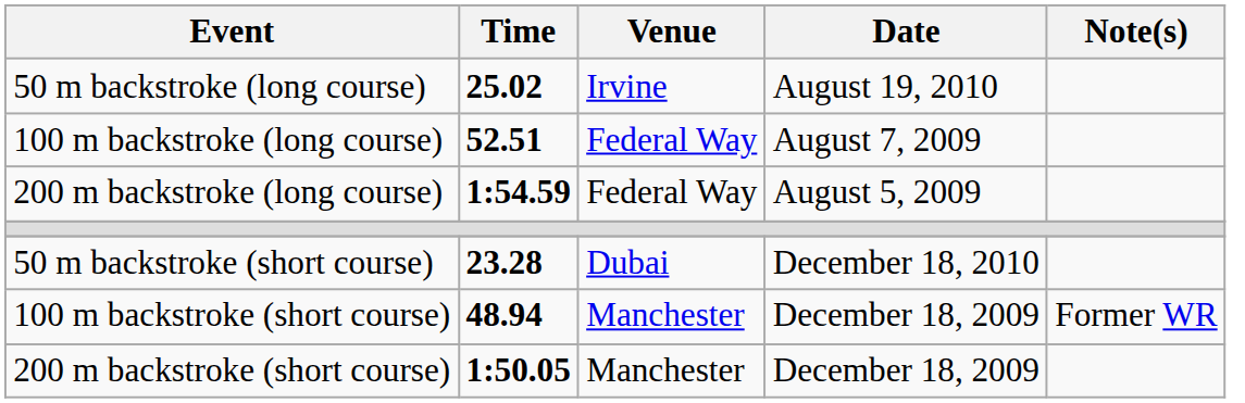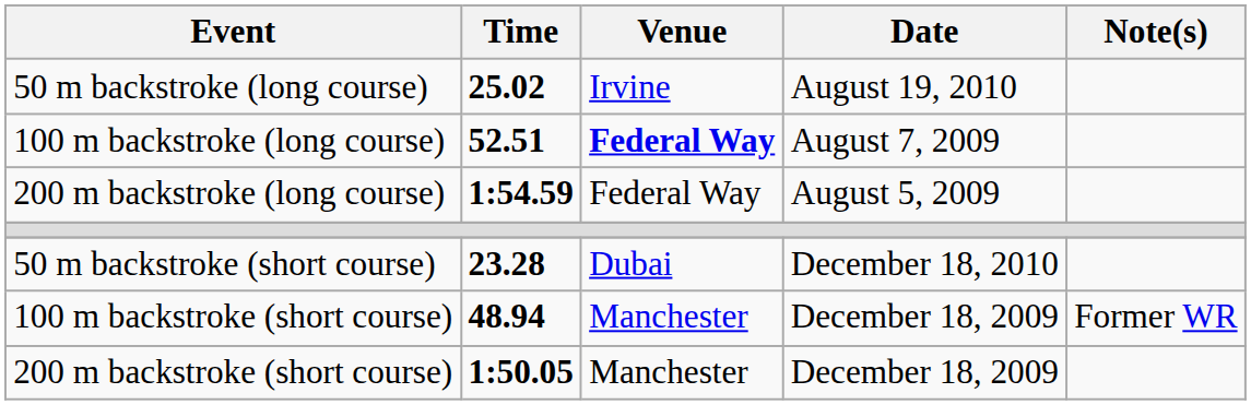 <table class="wikitable">
 <tr>
 <th>Event</th>
 <th>Time</th>
 <th>Venue</th>
 <th>Date</th>
 <th>Note(s)</th>
 </tr>
 <tr>
 <td>50 m backstroke (long course)</td>
 <td><strong>25.02</strong></td>
 <td><a href='#'>Irvine</a></td>
 <td>August 19, 2010</td>
 <td></td>
 </tr>
 <tr>
 <td>100 m backstroke (long course)</td>
 <td><strong>52.51</strong></td>
-<td><a href='#'>Federal Way</a></td>
+<td><strong><a href='#'>Federal Way</a></strong></td>
 <td>August 7, 2009</td>
 <td></td>
 </tr>
 <tr>
 <td>200 m backstroke (long course)</td>
 <td><strong>1:54.59</strong></td>
 <td>Federal Way</td>
 <td>August 5, 2009</td>
 <td></td>
 </tr>
 <tr>
 </tr>
 <tr bgcolor=#DDDDDD>
 <td colspan=7></td>
 </tr>
 <tr valign="top">
 </tr>
 <tr>
 <td>50 m backstroke (short course)</td>
 <td><strong>23.28</strong></td>
 <td><a href='#'>Dubai</a></td>
 <td>December 18, 2010</td>
 <td></td>
 </tr>
 <tr>
 <td>100 m backstroke (short course)</td>
 <td><strong>48.94</strong></td>
 <td><a href='#'>Manchester</a></td>
 <td>December 18, 2009</td>
 <td>Former <a href='#'>WR</a></td>
 </tr>
 <tr>
 <td>200 m backstroke (short course)</td>
 <td><strong>1:50.05</strong></td>
 <td>Manchester</td>
 <td>December 18, 2009</td>
 <td></td>
 </tr>
 </table>
